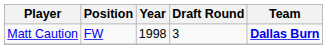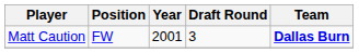 <table class="wikitable">
 <tr>
 <th>Player</th>
 <th>Position</th>
 <th>Year</th>
 <th>Draft Round</th>
 <th>Team</th>
 </tr>
 <tr>
 <td><a href='#'>Matt Caution</a></td>
 <td><a href='#'>FW</a></td>
-<td>1998</td>
+<td>2001</td>
 <td>3</td>
 <td><strong><a href='#'>Dallas Burn</a></strong></td>
 </tr>
 <tr>
 </tr>
 </table>
